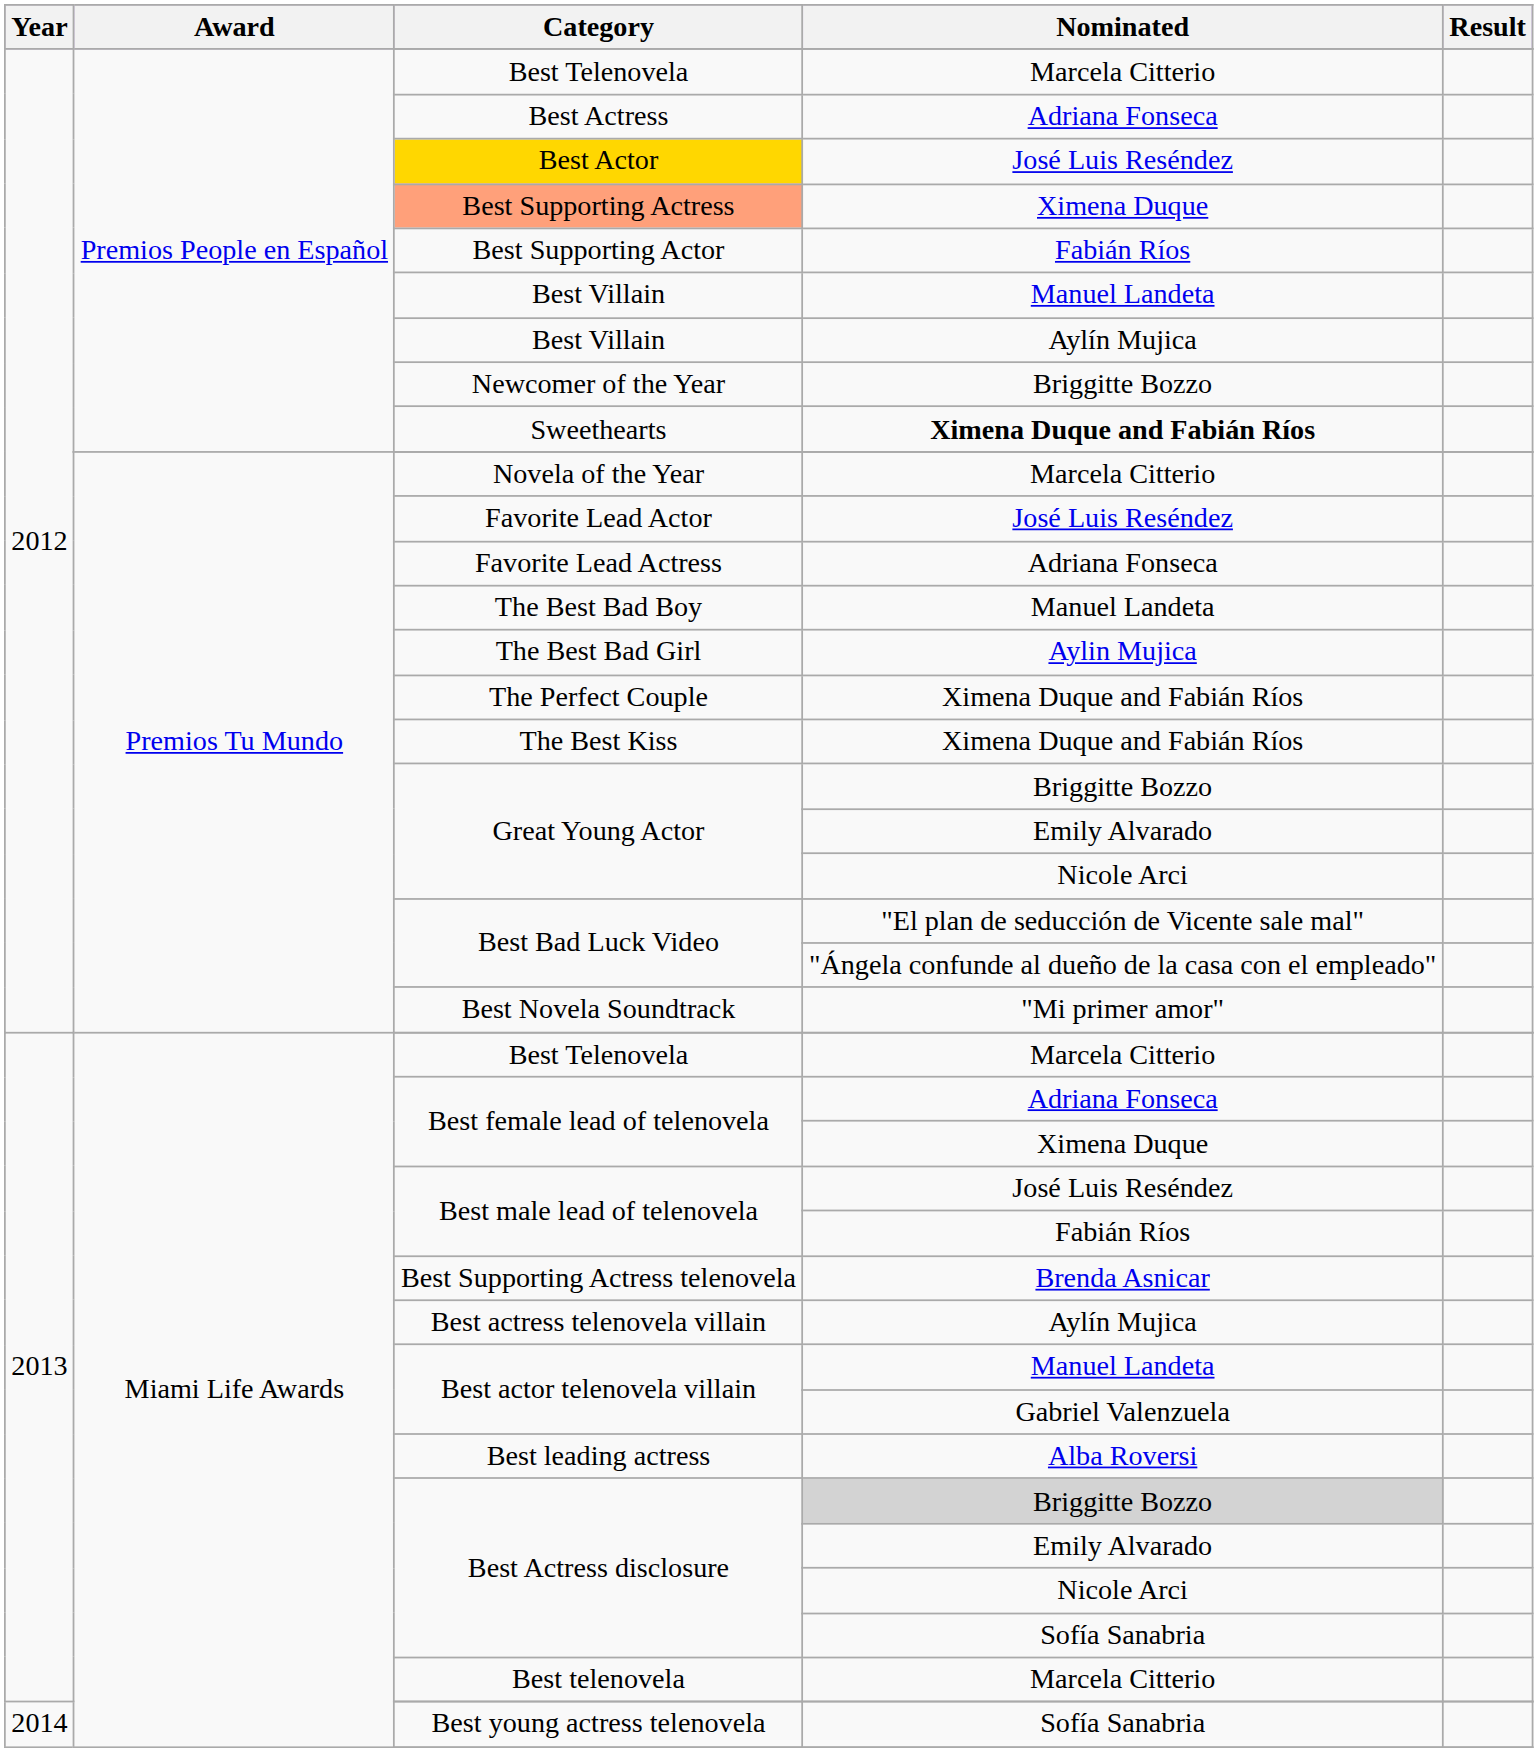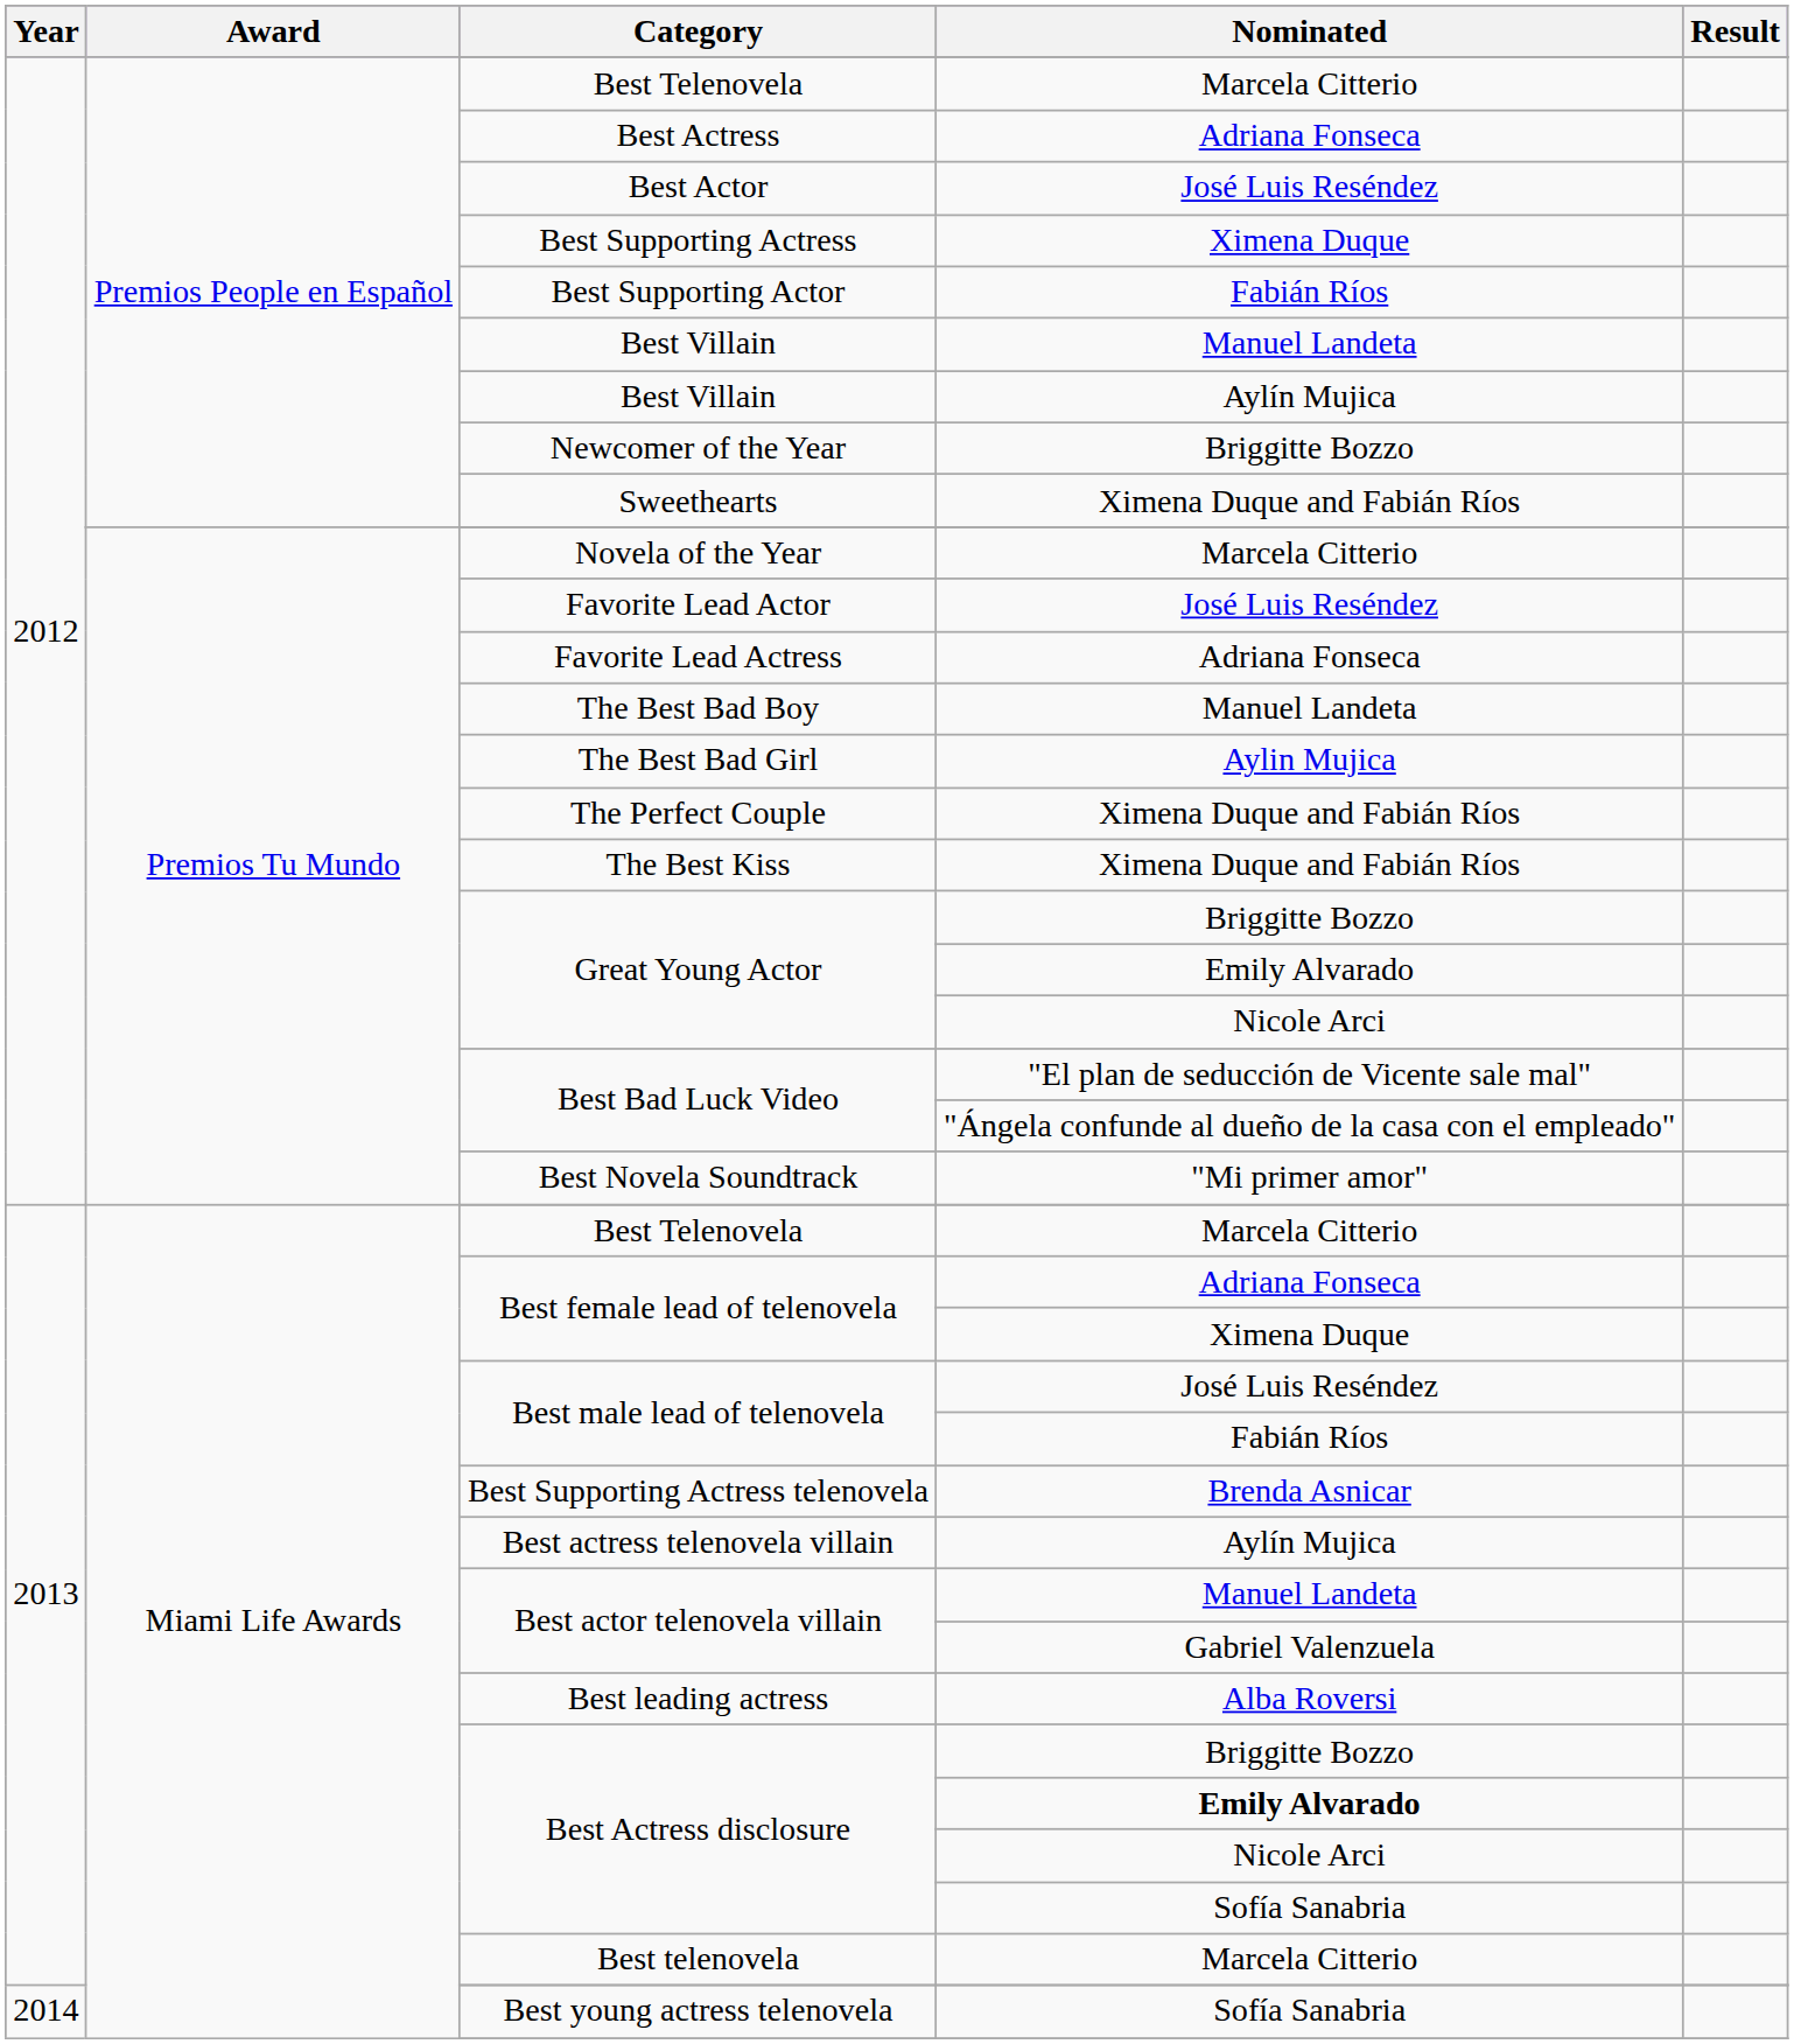 <table class="wikitable plainrowheaders" style="text-align:center">
 <tr style="background:#96c;">
 <th scope="col">Year</th>
 <th scope="col">Award</th>
 <th scope="col">Category</th>
 <th scope="col">Nominated</th>
 <th scope="col">Result</th>
 </tr>
 <tr>
 <td scope="row" rowspan="24">2012</td>
 <td rowspan="10"><a href='#'>Premios People en Español</a></td>
 </tr>
 <tr>
 <td scope="row">Best Telenovela</td>
 <td>Marcela Citterio</td>
 <td></td>
 </tr>
 <tr>
 <td scope="row">Best Actress</td>
 <td><a href='#'>Adriana Fonseca</a></td>
 <td></td>
 </tr>
 <tr>
-<td scope="row" style="background: gold;">Best Actor</td>
+<td scope="row">Best Actor</td>
 <td><a href='#'>José Luis Reséndez</a></td>
 <td></td>
 </tr>
 <tr>
-<td scope="row" style="background: lightsalmon;">Best Supporting Actress</td>
+<td scope="row">Best Supporting Actress</td>
 <td><a href='#'>Ximena Duque</a></td>
 <td></td>
 </tr>
 <tr>
 <td scope="row">Best Supporting Actor</td>
 <td><a href='#'>Fabián Ríos</a></td>
 <td></td>
 </tr>
 <tr>
 <td scope="row">Best Villain</td>
 <td><a href='#'>Manuel Landeta</a></td>
 <td></td>
 </tr>
 <tr>
 <td scope="row">Best Villain</td>
 <td>Aylín Mujica</td>
 <td></td>
 </tr>
 <tr>
 <td scope="row">Newcomer of the Year</td>
 <td>Briggitte Bozzo</td>
 <td></td>
 </tr>
 <tr>
 <td scope="row">Sweethearts</td>
-<td><strong>Ximena Duque and Fabián Ríos</strong></td>
+<td>Ximena Duque and Fabián Ríos</td>
 <td></td>
 </tr>
 <tr>
 <td rowspan="14"><a href='#'>Premios Tu Mundo</a></td>
 </tr>
 <tr>
 <td scope="row">Novela of the Year</td>
 <td>Marcela Citterio</td>
 <td>  </td>
 </tr>
 <tr>
 <td scope="row">Favorite Lead Actor</td>
 <td><a href='#'>José Luis Reséndez</a></td>
 <td></td>
 </tr>
 <tr>
 <td scope="row">Favorite Lead Actress</td>
 <td>Adriana Fonseca</td>
 <td></td>
 </tr>
 <tr>
 <td scope="row">The Best Bad Boy</td>
 <td>Manuel Landeta</td>
 <td></td>
 </tr>
 <tr>
 <td scope="row">The Best Bad Girl</td>
 <td><a href='#'>Aylin Mujica</a></td>
 <td></td>
 </tr>
 <tr>
 <td scope="row">The Perfect Couple</td>
 <td>Ximena Duque and Fabián Ríos</td>
 <td></td>
 </tr>
 <tr>
 <td scope="row">The Best Kiss</td>
 <td>Ximena Duque and Fabián Ríos</td>
 <td></td>
 </tr>
 <tr>
 <td scope="row" rowspan="3">Great Young Actor</td>
 <td>Briggitte Bozzo</td>
 <td></td>
 </tr>
 <tr>
 <td>Emily Alvarado</td>
 <td></td>
 </tr>
 <tr>
 <td>Nicole Arci</td>
 <td></td>
 </tr>
 <tr>
 <td scope="row" rowspan="2">Best Bad Luck Video</td>
 <td>"El plan de seducción de Vicente sale mal"</td>
 <td></td>
 </tr>
 <tr>
 <td>"Ángela confunde al dueño de la casa con el empleado"</td>
 <td></td>
 </tr>
 <tr>
 <td scope="row">Best Novela Soundtrack</td>
 <td>"Mi primer amor"</td>
 <td></td>
 </tr>
 <tr>
 <td scope="row" rowspan="16">2013</td>
 <td rowspan="19">Miami Life Awards</td>
 </tr>
 <tr>
 <td scope="row">Best Telenovela</td>
 <td>Marcela Citterio</td>
 <td> </td>
 </tr>
 <tr>
 <td scope="row" rowspan="2">Best female lead of telenovela</td>
 <td><a href='#'>Adriana Fonseca</a></td>
 <td></td>
 </tr>
 <tr>
 <td>Ximena Duque</td>
 <td></td>
 </tr>
 <tr>
 <td scope="row" rowspan="2">Best male lead of telenovela</td>
 <td>José Luis Reséndez</td>
 <td></td>
 </tr>
 <tr>
 <td>Fabián Ríos</td>
 <td></td>
 </tr>
 <tr>
 <td scope="row">Best Supporting Actress telenovela</td>
 <td><a href='#'>Brenda Asnicar</a></td>
 <td></td>
 </tr>
 <tr>
 <td scope="row">Best actress telenovela villain</td>
 <td>Aylín Mujica</td>
 <td></td>
 </tr>
 <tr>
 <td scope="row" rowspan="2">Best actor telenovela villain</td>
 <td><a href='#'>Manuel Landeta</a></td>
 <td></td>
 </tr>
 <tr>
 <td>Gabriel Valenzuela</td>
 <td></td>
 </tr>
 <tr>
 <td scope="row">Best leading actress</td>
 <td><a href='#'>Alba Roversi</a></td>
 <td></td>
 </tr>
 <tr>
 <td scope="row" rowspan="4">Best Actress disclosure</td>
-<td style="background: lightgrey;">Briggitte Bozzo</td>
+<td>Briggitte Bozzo</td>
 <td></td>
 </tr>
 <tr>
-<td>Emily Alvarado</td>
+<td><strong>Emily Alvarado</strong></td>
 <td></td>
 </tr>
 <tr>
 <td>Nicole Arci</td>
 <td></td>
 </tr>
 <tr>
 <td>Sofía Sanabria</td>
 <td></td>
 </tr>
 <tr>
 <td scope="row">Best telenovela</td>
 <td>Marcela Citterio</td>
 <td></td>
 </tr>
 <tr>
 <td scope="row" rowspan="3">2014</td>
 </tr>
 <tr>
 <td scope="row">Best young actress telenovela</td>
 <td>Sofía Sanabria</td>
 <td> </td>
 </tr>
 <tr>
 </tr>
 </table>
